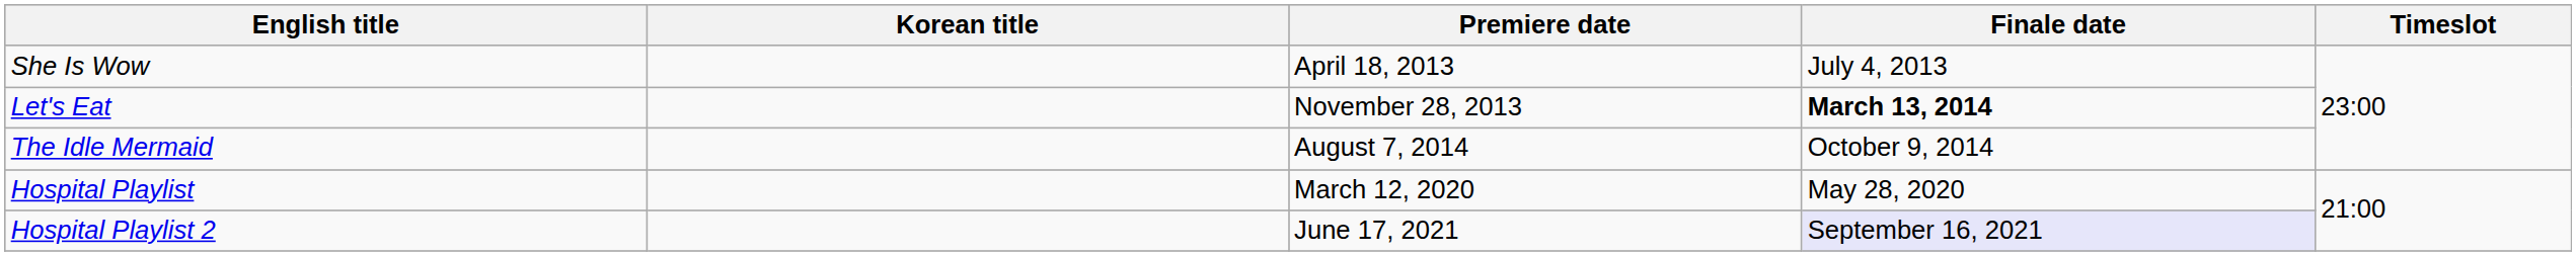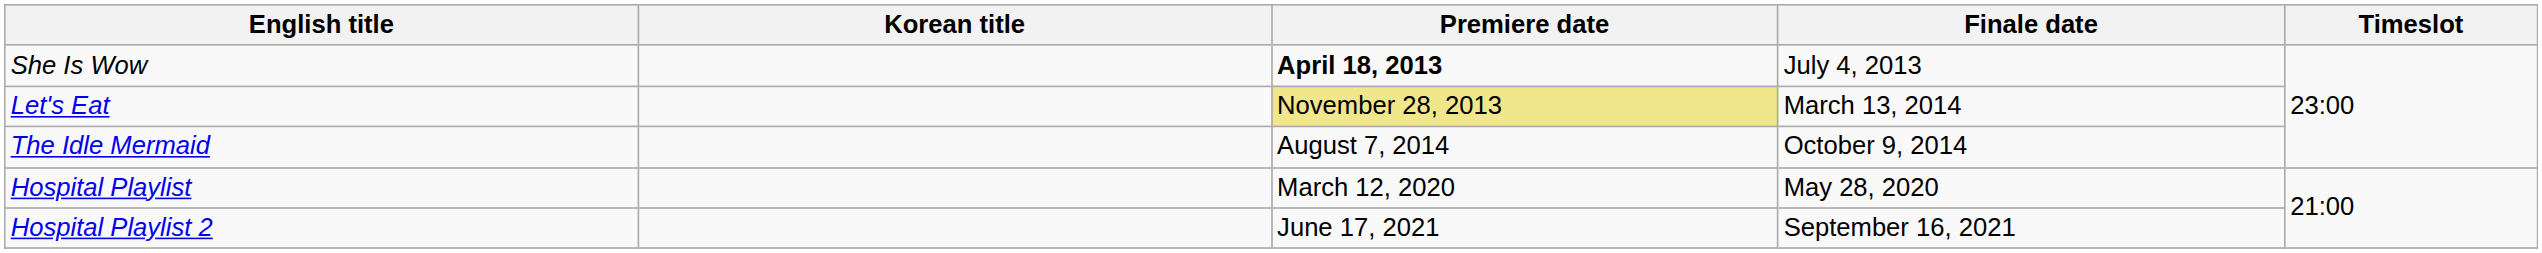 <table class="wikitable sortable" width="100%">
 <tr>
 <th style="width:25%">English title</th>
 <th style="width:25%">Korean title</th>
 <th style="width:20%">Premiere date</th>
 <th style="width:20%">Finale date</th>
 <th style="width:10%">Timeslot</th>
 </tr>
 <tr>
 <td><em>She Is Wow</em></td>
 <td></td>
-<td>April 18, 2013</td>
+<td><strong>April 18, 2013</strong></td>
 <td>July 4, 2013</td>
 <td rowspan="3">23:00</td>
 </tr>
 <tr>
 <td><em><a href='#'>Let's Eat</a></em></td>
 <td></td>
-<td>November 28, 2013</td>
-<td><strong>March 13, 2014</strong></td>
+<td style="background: khaki;">November 28, 2013</td>
+<td>March 13, 2014</td>
 </tr>
 <tr>
 <td><em><a href='#'>The Idle Mermaid</a></em></td>
 <td></td>
 <td>August 7, 2014</td>
 <td>October 9, 2014</td>
 </tr>
 <tr>
 <td><em><a href='#'>Hospital Playlist</a></em></td>
 <td></td>
 <td>March 12, 2020</td>
 <td>May 28, 2020</td>
 <td rowspan=2>21:00</td>
 </tr>
 <tr>
 <td><em><a href='#'>Hospital Playlist 2</a></em></td>
 <td></td>
 <td>June 17, 2021</td>
-<td style="background: lavender;">September 16, 2021</td>
+<td>September 16, 2021</td>
 </tr>
 </table>
